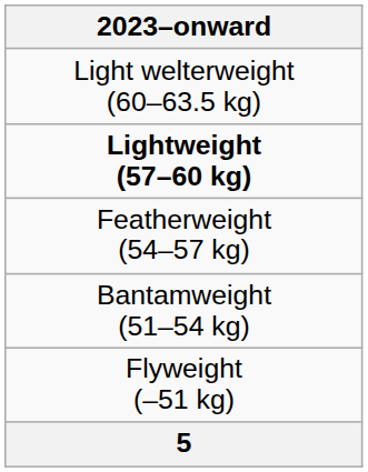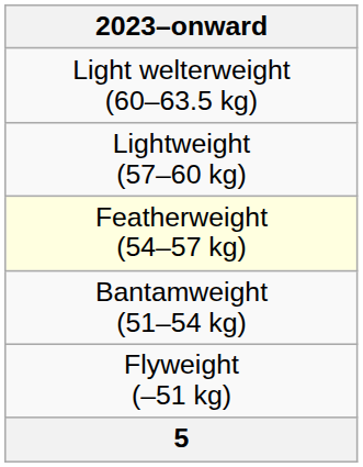 <table class="wikitable" style="text-align:center">
 <tr>
 <th width=200>2023–onward</th>
 </tr>
 <tr>
 <td>Light welterweight<br>(60–63.5 kg)</td>
 </tr>
 <tr>
-<td><strong>Lightweight<br>(57–60 kg)</strong></td>
+<td>Lightweight<br>(57–60 kg)</td>
 </tr>
 <tr>
-<td>Featherweight<br>(54–57 kg)</td>
+<td style="background: lightyellow;">Featherweight<br>(54–57 kg)</td>
 </tr>
 <tr>
 <td>Bantamweight<br>(51–54 kg)</td>
 </tr>
 <tr>
 <td>Flyweight<br>(–51 kg)</td>
 </tr>
 <tr>
 <th>5</th>
 </tr>
 </table>
